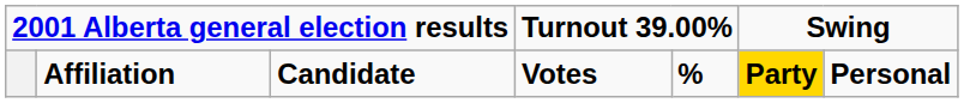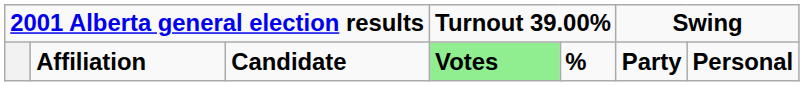 <table class="wikitable">
 <tr>
 <td colspan="3" align=center><strong><a href='#'>2001 Alberta general election</a> results</strong></td>
 <td colspan="2"><strong>Turnout 39.00%</strong></td>
 <td colspan="2" align=center><strong>Swing</strong></td>
 </tr>
 <tr>
 <th style="width: 10px;"></th>
 <td><strong>Affiliation</strong></td>
 <td><strong>Candidate</strong></td>
-<td><strong>Votes</strong></td>
+<td style="background: lightgreen;"><strong>Votes</strong></td>
 <td><strong>%</strong></td>
-<td style="background: gold;"><strong>Party</strong></td>
+<td><strong>Party</strong></td>
 <td><strong>Personal</strong><br>        </td>
 </tr>
 </table>
